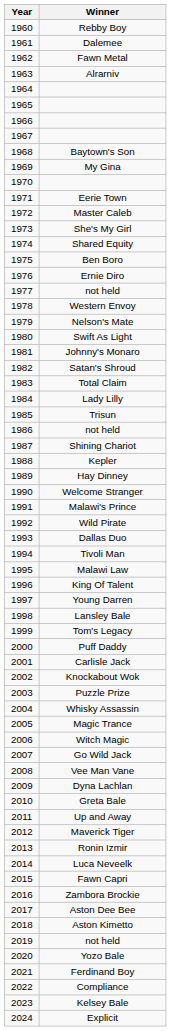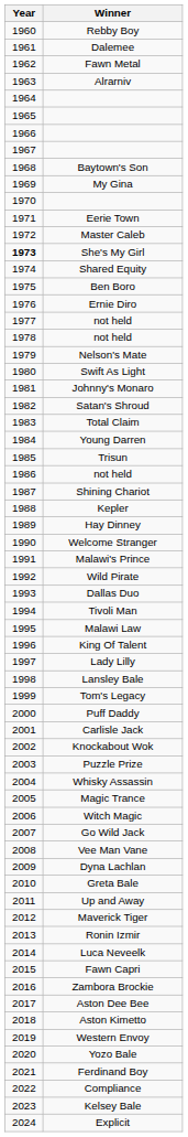 <table class="wikitable collapsible collapsed" style="text-align:center">
 <tr>
 <th width=50>Year</th>
 <th width=200>Winner</th>
 </tr>
 <tr>
 <td>1960</td>
 <td>Rebby Boy</td>
 </tr>
 <tr>
 <td>1961</td>
 <td>Dalemee</td>
 </tr>
 <tr>
 <td>1962</td>
 <td>Fawn Metal</td>
 </tr>
 <tr>
 <td>1963</td>
 <td>Alrarniv</td>
 </tr>
 <tr>
 <td>1964</td>
 <td></td>
 </tr>
 <tr>
 <td>1965</td>
 <td></td>
 </tr>
 <tr>
 <td>1966</td>
 <td></td>
 </tr>
 <tr>
 <td>1967</td>
 <td></td>
 </tr>
 <tr>
 <td>1968</td>
 <td>Baytown's Son</td>
 </tr>
 <tr>
 <td>1969</td>
 <td>My Gina</td>
 </tr>
 <tr>
 <td>1970</td>
 <td></td>
 </tr>
 <tr>
 <td>1971</td>
 <td>Eerie Town</td>
 </tr>
 <tr>
 <td>1972</td>
 <td>Master Caleb</td>
 </tr>
 <tr>
-<td>1973</td>
+<td><strong>1973</strong></td>
 <td>She's My Girl</td>
 </tr>
 <tr>
 <td>1974</td>
 <td>Shared Equity</td>
 </tr>
 <tr>
 <td>1975</td>
 <td>Ben Boro</td>
 </tr>
 <tr>
 <td>1976</td>
 <td>Ernie Diro</td>
 </tr>
 <tr>
 <td>1977</td>
 <td>not held</td>
 </tr>
 <tr>
 <td>1978</td>
-<td>Western Envoy</td>
+<td>not held</td>
 </tr>
 <tr>
 <td>1979</td>
 <td>Nelson's Mate</td>
 </tr>
 <tr>
 <td>1980</td>
 <td>Swift As Light</td>
 </tr>
 <tr>
 <td>1981</td>
 <td>Johnny's Monaro</td>
 </tr>
 <tr>
 <td>1982</td>
 <td>Satan's Shroud</td>
 </tr>
 <tr>
 <td>1983</td>
 <td>Total Claim</td>
 </tr>
 <tr>
 <td>1984</td>
-<td>Lady Lilly</td>
+<td>Young Darren</td>
 </tr>
 <tr>
 <td>1985</td>
 <td>Trisun</td>
 </tr>
 <tr>
 <td>1986</td>
 <td>not held</td>
 </tr>
 <tr>
 <td>1987</td>
 <td>Shining Chariot</td>
 </tr>
 <tr>
 <td>1988</td>
 <td>Kepler</td>
 </tr>
 <tr>
 <td>1989</td>
 <td>Hay Dinney</td>
 </tr>
 <tr>
 <td>1990</td>
 <td>Welcome Stranger</td>
 </tr>
 <tr>
 <td>1991</td>
 <td>Malawi's Prince</td>
 </tr>
 <tr>
 <td>1992</td>
 <td>Wild Pirate</td>
 </tr>
 <tr>
 <td>1993</td>
 <td>Dallas Duo</td>
 </tr>
 <tr>
 <td>1994</td>
 <td>Tivoli Man</td>
 </tr>
 <tr>
 <td>1995</td>
 <td>Malawi Law</td>
 </tr>
 <tr>
 <td>1996</td>
 <td>King Of Talent</td>
 </tr>
 <tr>
 <td>1997</td>
-<td>Young Darren</td>
+<td>Lady Lilly</td>
 </tr>
 <tr>
 <td>1998</td>
 <td>Lansley Bale</td>
 </tr>
 <tr>
 <td>1999</td>
 <td>Tom's Legacy</td>
 </tr>
 <tr>
 <td>2000</td>
 <td>Puff Daddy</td>
 </tr>
 <tr>
 <td>2001</td>
 <td>Carlisle Jack</td>
 </tr>
 <tr>
 <td>2002</td>
 <td>Knockabout Wok</td>
 </tr>
 <tr>
 <td>2003</td>
 <td>Puzzle Prize</td>
 </tr>
 <tr>
 <td>2004</td>
 <td>Whisky Assassin</td>
 </tr>
 <tr>
 <td>2005</td>
 <td>Magic Trance</td>
 </tr>
 <tr>
 <td>2006</td>
 <td>Witch Magic</td>
 </tr>
 <tr>
 <td>2007</td>
 <td>Go Wild Jack</td>
 </tr>
 <tr>
 <td>2008</td>
 <td>Vee Man Vane</td>
 </tr>
 <tr>
 <td>2009</td>
 <td>Dyna Lachlan</td>
 </tr>
 <tr>
 <td>2010</td>
 <td>Greta Bale</td>
 </tr>
 <tr>
 <td>2011</td>
 <td>Up and Away</td>
 </tr>
 <tr>
 <td>2012</td>
 <td>Maverick Tiger</td>
 </tr>
 <tr>
 <td>2013</td>
 <td>Ronin Izmir</td>
 </tr>
 <tr>
 <td>2014</td>
 <td>Luca Neveelk</td>
 </tr>
 <tr>
 <td>2015</td>
 <td>Fawn Capri</td>
 </tr>
 <tr>
 <td>2016</td>
 <td>Zambora Brockie</td>
 </tr>
 <tr>
 <td>2017</td>
 <td>Aston Dee Bee</td>
 </tr>
 <tr>
 <td>2018</td>
 <td>Aston Kimetto</td>
 </tr>
 <tr>
 <td>2019</td>
-<td>not held</td>
+<td>Western Envoy</td>
 </tr>
 <tr>
 <td>2020</td>
 <td>Yozo Bale</td>
 </tr>
 <tr>
 <td>2021</td>
 <td>Ferdinand Boy</td>
 </tr>
 <tr>
 <td>2022</td>
 <td>Compliance</td>
 </tr>
 <tr>
 <td>2023</td>
 <td>Kelsey Bale</td>
 </tr>
 <tr>
 <td>2024</td>
 <td>Explicit</td>
 </tr>
 </table>
